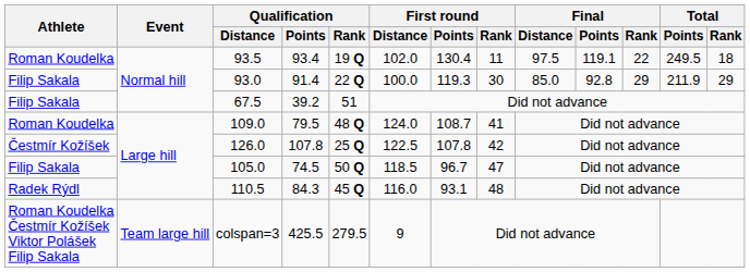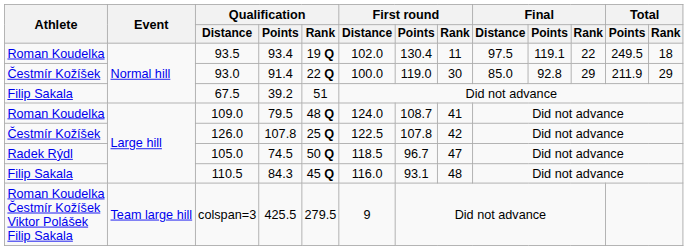 <table class="wikitable" style="font-size:90%">
 <tr>
 <th rowspan=2>Athlete</th>
 <th rowspan=2>Event</th>
 <th colspan=3>Qualification</th>
 <th colspan=3>First round</th>
 <th colspan=3>Final</th>
 <th colspan=2>Total</th>
 </tr>
 <tr style="font-size:95%">
 <th>Distance</th>
 <th>Points</th>
 <th>Rank</th>
 <th>Distance</th>
 <th>Points</th>
 <th>Rank</th>
 <th>Distance</th>
 <th>Points</th>
 <th>Rank</th>
 <th>Points</th>
 <th>Rank</th>
 </tr>
 <tr align=center>
 <td align=left><a href='#'>Roman Koudelka</a></td>
 <td align=left rowspan=3><a href='#'>Normal hill</a></td>
 <td>93.5</td>
 <td>93.4</td>
 <td>19 <strong>Q</strong></td>
 <td>102.0</td>
 <td>130.4</td>
 <td>11</td>
 <td>97.5</td>
 <td>119.1</td>
 <td>22</td>
 <td>249.5</td>
 <td>18</td>
 </tr>
 <tr align=center>
-<td align=left><a href='#'>Filip Sakala</a></td>
+<td align=left><a href='#'>Čestmír Kožíšek</a></td>
 <td>93.0</td>
 <td>91.4</td>
 <td>22 <strong>Q</strong></td>
 <td>100.0</td>
-<td>119.3</td>
+<td>119.0</td>
 <td>30</td>
 <td>85.0</td>
 <td>92.8</td>
 <td>29</td>
 <td>211.9</td>
 <td>29</td>
 </tr>
 <tr align=center>
 <td align=left><a href='#'>Filip Sakala</a></td>
 <td>67.5</td>
 <td>39.2</td>
 <td>51</td>
 <td colspan=8>Did not advance</td>
 </tr>
 <tr align=center>
 <td align=left><a href='#'>Roman Koudelka</a></td>
 <td align=left rowspan=4><a href='#'>Large hill</a></td>
 <td>109.0</td>
 <td>79.5</td>
 <td>48 <strong>Q</strong></td>
 <td>124.0</td>
 <td>108.7</td>
 <td>41</td>
 <td colspan="5">Did not advance</td>
 </tr>
 <tr align=center>
 <td align=left><a href='#'>Čestmír Kožíšek</a></td>
 <td>126.0</td>
 <td>107.8</td>
 <td>25 <strong>Q</strong></td>
 <td>122.5</td>
 <td>107.8</td>
 <td>42</td>
 <td colspan="5">Did not advance</td>
 </tr>
 <tr align=center>
-<td align=left><a href='#'>Filip Sakala</a></td>
+<td align=left><a href='#'>Radek Rýdl</a></td>
 <td>105.0</td>
 <td>74.5</td>
 <td>50 <strong>Q</strong></td>
 <td>118.5</td>
 <td>96.7</td>
 <td>47</td>
 <td colspan="5">Did not advance</td>
 </tr>
 <tr align=center>
-<td align=left><a href='#'>Radek Rýdl</a></td>
+<td align=left><a href='#'>Filip Sakala</a></td>
 <td>110.5</td>
 <td>84.3</td>
 <td>45 <strong>Q</strong></td>
 <td>116.0</td>
 <td>93.1</td>
 <td>48</td>
 <td colspan="5">Did not advance</td>
 </tr>
 <tr align=center>
 <td align=left><a href='#'>Roman Koudelka</a><br><a href='#'>Čestmír Kožíšek</a><br><a href='#'>Viktor Polášek</a><br><a href='#'>Filip Sakala</a></td>
 <td align=left><a href='#'>Team large hill</a></td>
 <td>colspan=3 </td>
 <td>425.5</td>
 <td>279.5</td>
 <td>9</td>
 <td colspan=5>Did not advance</td>
 </tr>
 </table>
